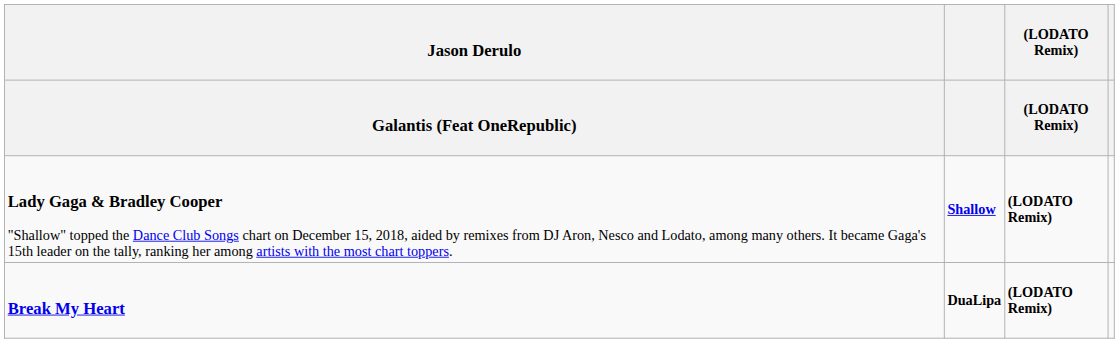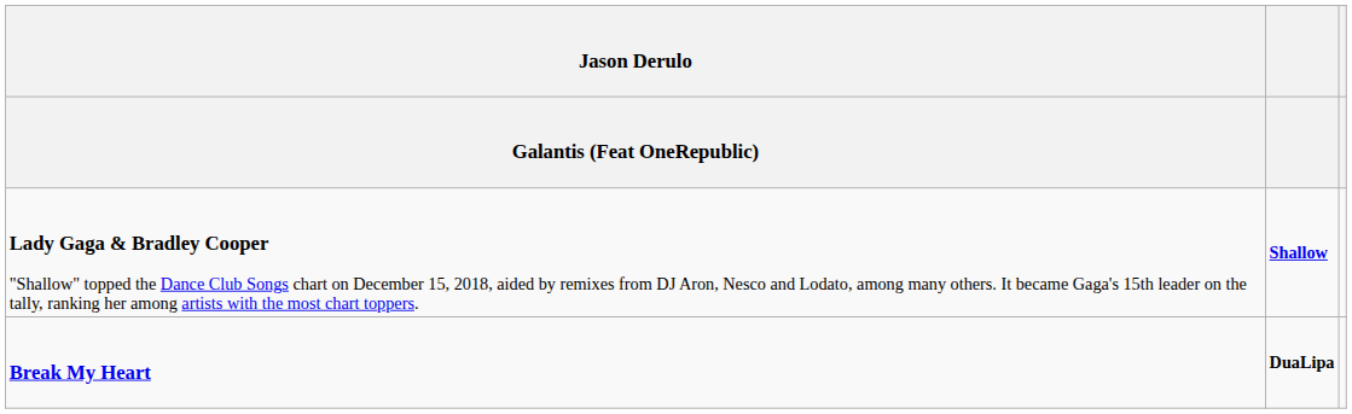 <table class="wikitable">
 <tr>
 <th><br><h3>Jason Derulo</h3></th>
 <th></th>
-<th>(LODATO Remix)</th>
 <th></th>
 </tr>
 <tr>
 <th><br><h3>Galantis (Feat OneRepublic)</h3></th>
 <th></th>
-<th>(LODATO Remix)</th>
 <th></th>
 </tr>
 <tr>
 <td><br><h3>Lady Gaga & Bradley Cooper</h3>"Shallow" topped the <a href='#'>Dance Club Songs</a> chart on December 15, 2018, aided by remixes from DJ Aron, Nesco and Lodato, among many others. It became Gaga's 15th leader on the tally, ranking her among <a href='#'>artists with the most chart toppers</a>.</td>
 <td><strong><a href='#'>Shallow</a></strong></td>
-<td><strong>(LODATO Remix)</strong></td>
 <td></td>
 </tr>
 <tr>
 <td><br><h3><a href='#'>Break My Heart</a></h3></td>
 <td><strong>DuaLipa</strong></td>
-<td><strong>(LODATO Remix)</strong></td>
 <td></td>
 </tr>
 </table>
